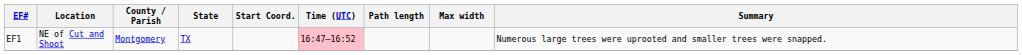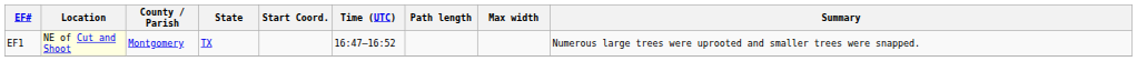 <table class="wikitable sortable" style="width:100%;">
 <tr>
 <th scope="col"  style="width:3%; text-align:center;"><a href='#'>EF#</a></th>
 <th scope="col"  style="width:7%; text-align:center;" class="unsortable">Location</th>
 <th scope="col"  style="width:6%; text-align:center;" class="unsortable">County / Parish</th>
 <th scope="col"  style="width:5%; text-align:center;">State</th>
 <th scope="col"  style="width:6%; text-align:center;">Start Coord.</th>
 <th scope="col"  style="width:6%; text-align:center;">Time (<a href='#'>UTC</a>)</th>
 <th scope="col"  style="width:6%; text-align:center;">Path length</th>
 <th scope="col"  style="width:6%; text-align:center;">Max width</th>
 <th scope="col" class="unsortable" style="width:48%; text-align:center;">Summary</th>
 </tr>
 <tr>
 <td>EF1</td>
-<td>NE of <a href='#'>Cut and Shoot</a></td>
+<td style="background: lightyellow;">NE of <a href='#'>Cut and Shoot</a></td>
 <td><a href='#'>Montgomery</a></td>
 <td><a href='#'>TX</a></td>
 <td></td>
-<td style="background: pink;">16:47–16:52</td>
+<td>16:47–16:52</td>
 <td></td>
 <td></td>
 <td>Numerous large trees were uprooted and smaller trees were snapped.</td>
 </tr>
 <tr>
 </tr>
 </table>
